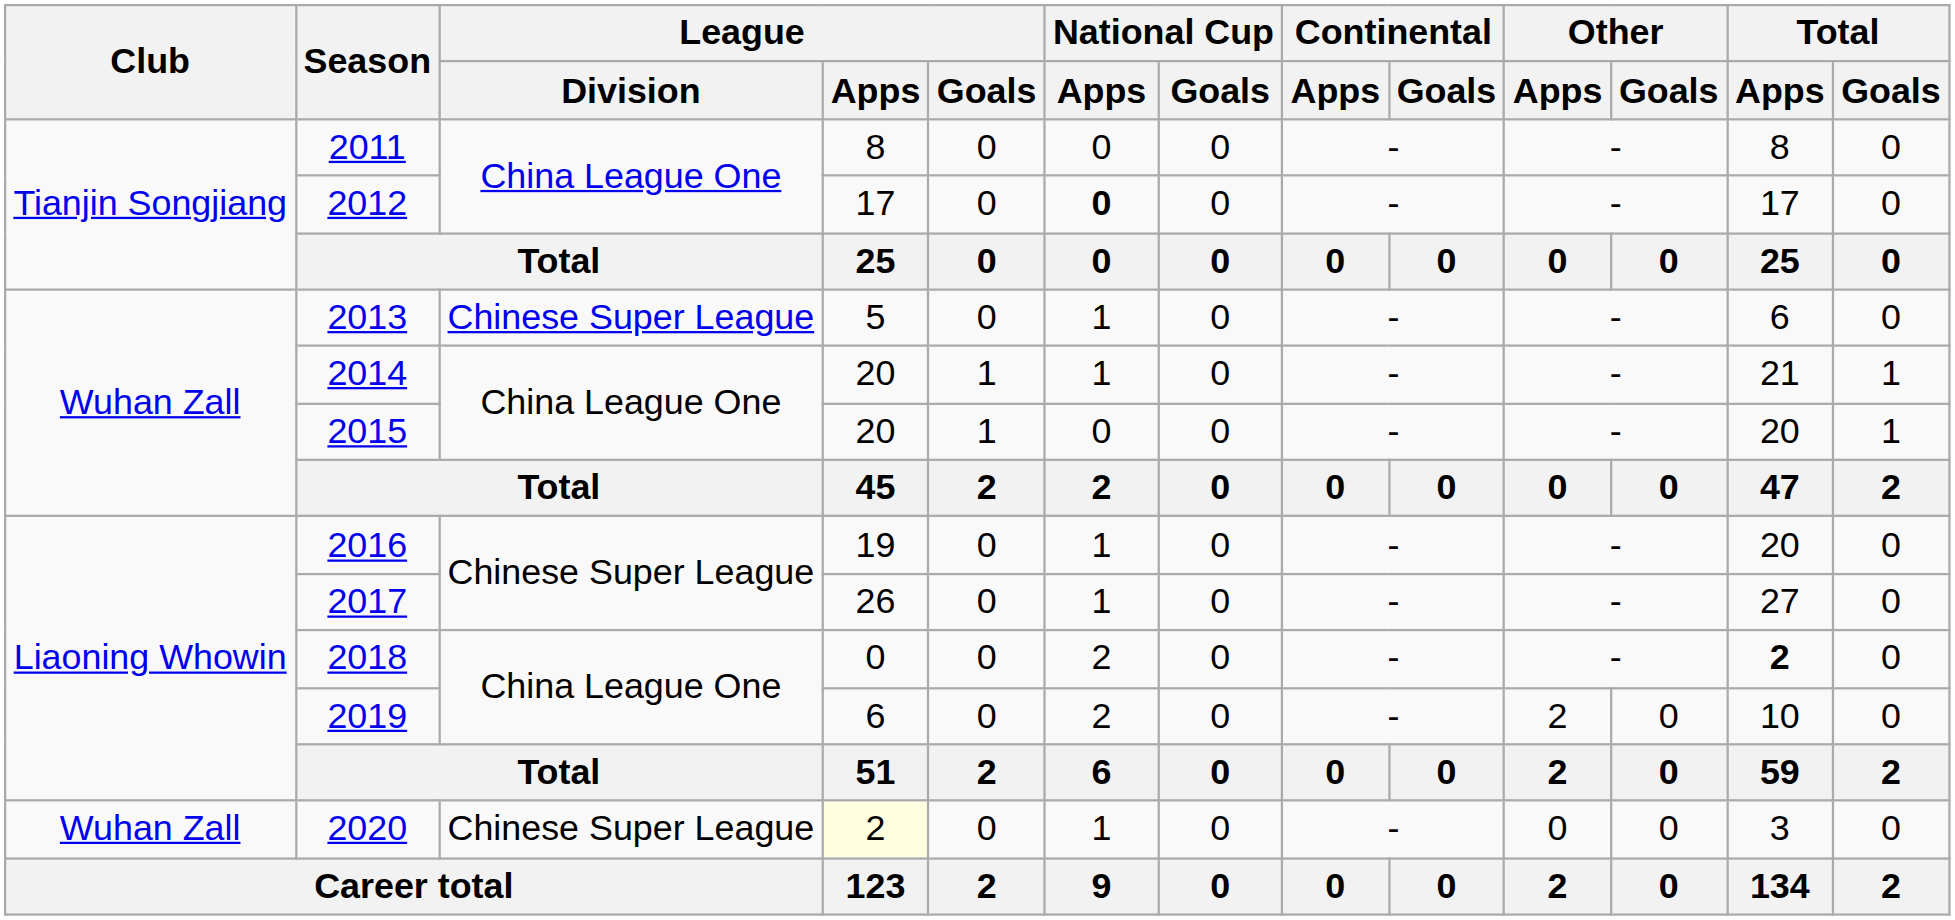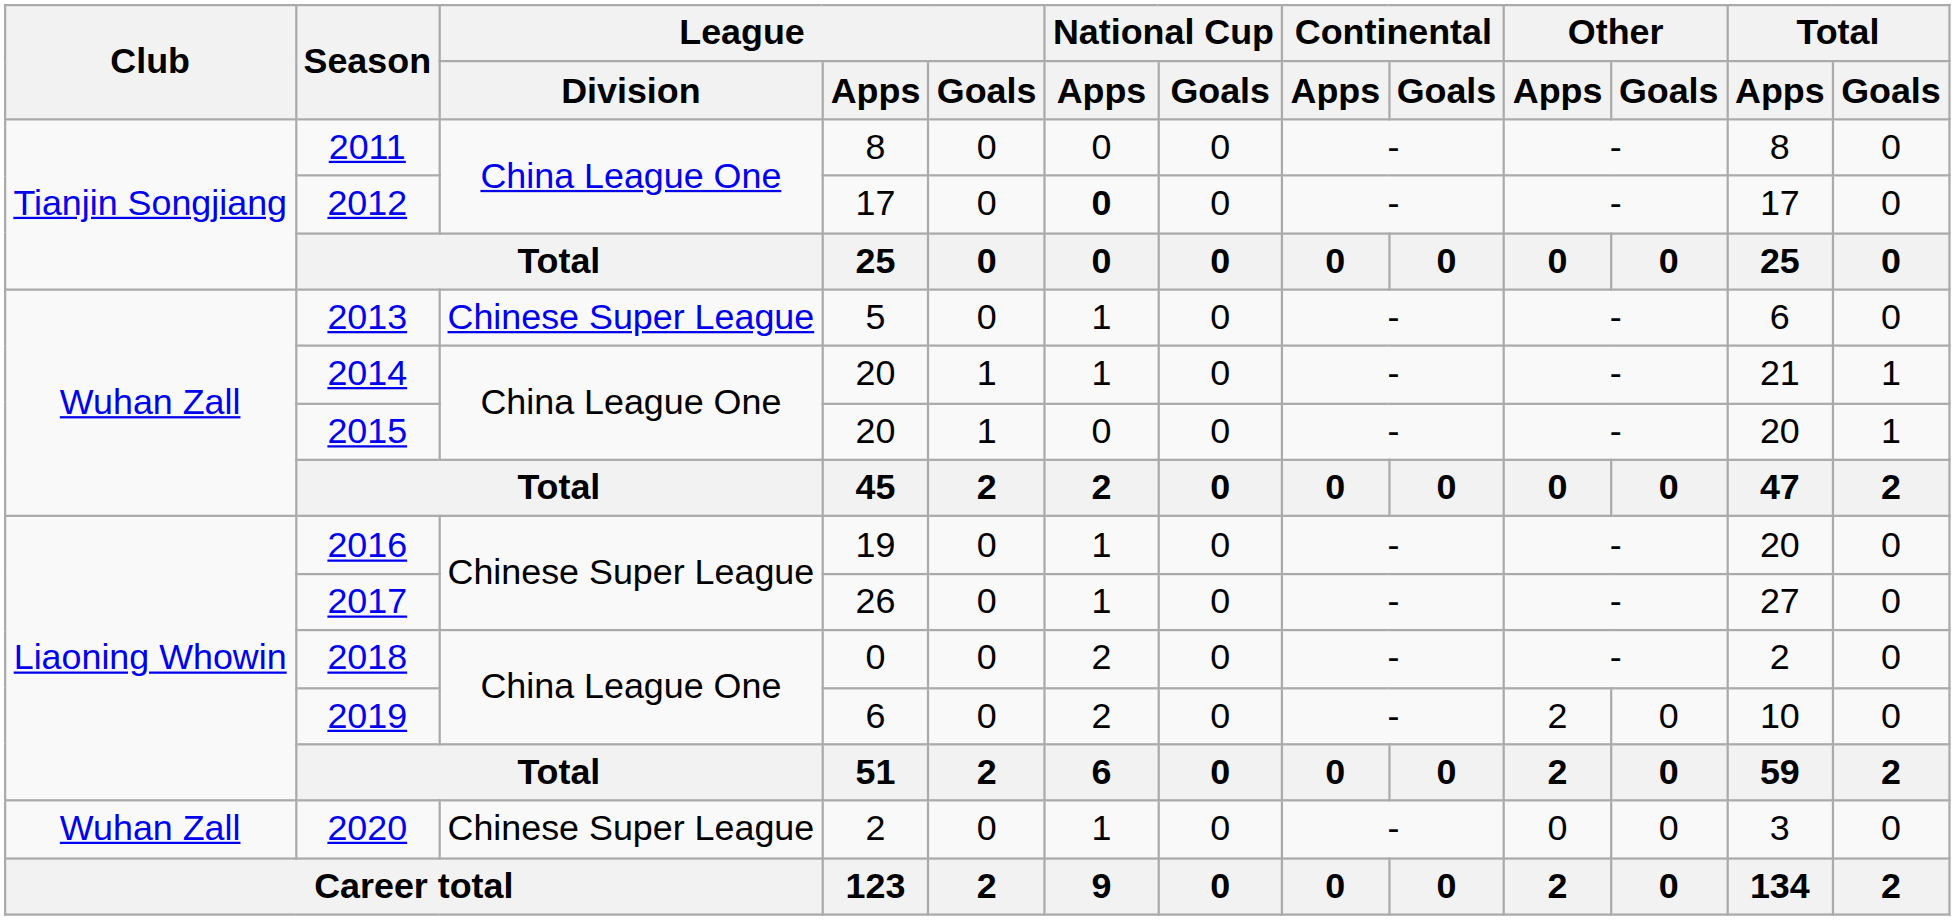 <table class="wikitable" style="text-align: center">
 <tr>
 <th rowspan="2">Club</th>
 <th rowspan="2">Season</th>
 <th colspan="3">League</th>
 <th colspan="2">National Cup</th>
 <th colspan="2">Continental</th>
 <th colspan="2">Other</th>
 <th colspan="2">Total</th>
 </tr>
 <tr>
 <th>Division</th>
 <th>Apps</th>
 <th>Goals</th>
 <th>Apps</th>
 <th>Goals</th>
 <th>Apps</th>
 <th>Goals</th>
 <th>Apps</th>
 <th>Goals</th>
 <th>Apps</th>
 <th>Goals</th>
 </tr>
 <tr>
 <td rowspan=3><a href='#'>Tianjin Songjiang</a></td>
 <td><a href='#'>2011</a></td>
 <td rowspan="2"><a href='#'>China League One</a></td>
 <td>8</td>
 <td>0</td>
 <td>0</td>
 <td>0</td>
 <td colspan="2">-</td>
 <td colspan="2">-</td>
 <td>8</td>
 <td>0</td>
 </tr>
 <tr>
 <td><a href='#'>2012</a></td>
 <td>17</td>
 <td>0</td>
 <td><strong>0</strong></td>
 <td>0</td>
 <td colspan="2">-</td>
 <td colspan="2">-</td>
 <td>17</td>
 <td>0</td>
 </tr>
 <tr>
 <th colspan=2>Total</th>
 <th>25</th>
 <th>0</th>
 <th>0</th>
 <th>0</th>
 <th>0</th>
 <th>0</th>
 <th>0</th>
 <th>0</th>
 <th>25</th>
 <th>0</th>
 </tr>
 <tr>
 <td rowspan=4><a href='#'>Wuhan Zall</a></td>
 <td><a href='#'>2013</a></td>
 <td><a href='#'>Chinese Super League</a></td>
 <td>5</td>
 <td>0</td>
 <td>1</td>
 <td>0</td>
 <td colspan="2">-</td>
 <td colspan="2">-</td>
 <td>6</td>
 <td>0</td>
 </tr>
 <tr>
 <td><a href='#'>2014</a></td>
 <td rowspan="2">China League One</td>
 <td>20</td>
 <td>1</td>
 <td>1</td>
 <td>0</td>
 <td colspan="2">-</td>
 <td colspan="2">-</td>
 <td>21</td>
 <td>1</td>
 </tr>
 <tr>
 <td><a href='#'>2015</a></td>
 <td>20</td>
 <td>1</td>
 <td>0</td>
 <td>0</td>
 <td colspan="2">-</td>
 <td colspan="2">-</td>
 <td>20</td>
 <td>1</td>
 </tr>
 <tr>
 <th colspan=2>Total</th>
 <th>45</th>
 <th>2</th>
 <th>2</th>
 <th>0</th>
 <th>0</th>
 <th>0</th>
 <th>0</th>
 <th>0</th>
 <th>47</th>
 <th>2</th>
 </tr>
 <tr>
 <td rowspan=5><a href='#'>Liaoning Whowin</a></td>
 <td><a href='#'>2016</a></td>
 <td rowspan="2">Chinese Super League</td>
 <td>19</td>
 <td>0</td>
 <td>1</td>
 <td>0</td>
 <td colspan="2">-</td>
 <td colspan="2">-</td>
 <td>20</td>
 <td>0</td>
 </tr>
 <tr>
 <td><a href='#'>2017</a></td>
 <td>26</td>
 <td>0</td>
 <td>1</td>
 <td>0</td>
 <td colspan="2">-</td>
 <td colspan="2">-</td>
 <td>27</td>
 <td>0</td>
 </tr>
 <tr>
 <td><a href='#'>2018</a></td>
 <td rowspan=2>China League One</td>
 <td>0</td>
 <td>0</td>
 <td>2</td>
 <td>0</td>
 <td colspan="2">-</td>
 <td colspan="2">-</td>
-<td><strong>2</strong></td>
+<td>2</td>
 <td>0</td>
 </tr>
 <tr>
 <td><a href='#'>2019</a></td>
 <td>6</td>
 <td>0</td>
 <td>2</td>
 <td>0</td>
 <td colspan="2">-</td>
 <td>2</td>
 <td>0</td>
 <td>10</td>
 <td>0</td>
 </tr>
 <tr>
 <th colspan=2>Total</th>
 <th>51</th>
 <th>2</th>
 <th>6</th>
 <th>0</th>
 <th>0</th>
 <th>0</th>
 <th>2</th>
 <th>0</th>
 <th>59</th>
 <th>2</th>
 </tr>
 <tr>
 <td><a href='#'>Wuhan Zall</a></td>
 <td><a href='#'>2020</a></td>
 <td>Chinese Super League</td>
-<td style="background: lightyellow;">2</td>
+<td>2</td>
 <td>0</td>
 <td>1</td>
 <td>0</td>
 <td colspan="2">-</td>
 <td>0</td>
 <td>0</td>
 <td>3</td>
 <td>0</td>
 </tr>
 <tr>
 <th colspan=3>Career total</th>
 <th>123</th>
 <th>2</th>
 <th>9</th>
 <th>0</th>
 <th>0</th>
 <th>0</th>
 <th>2</th>
 <th>0</th>
 <th>134</th>
 <th>2</th>
 </tr>
 </table>
